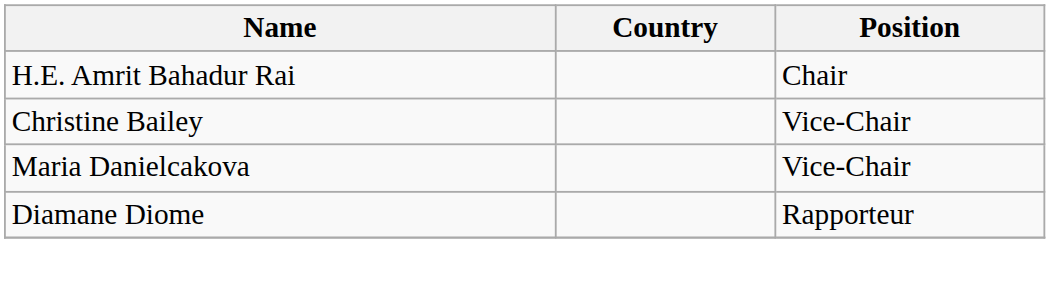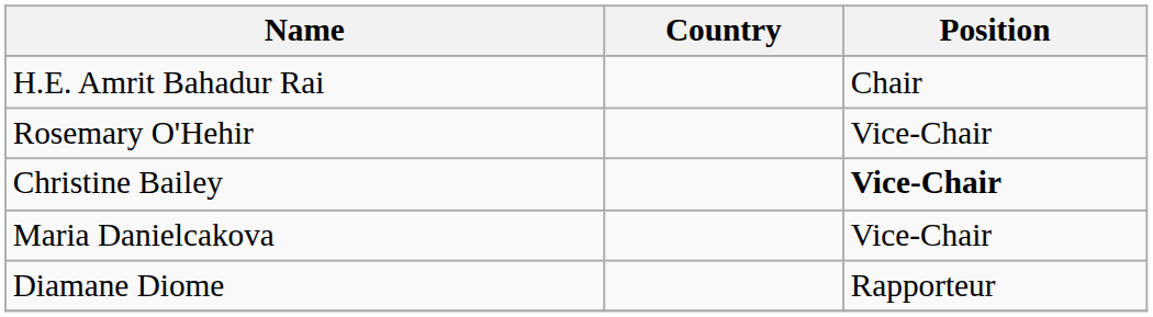 <table class="wikitable" style="display: inline-table; width: 45%">
 <tr>
 <th>Name</th>
 <th>Country</th>
 <th>Position</th>
 </tr>
 <tr>
 <td>H.E. Amrit Bahadur Rai</td>
 <td></td>
 <td>Chair</td>
 </tr>
 <tr>
+<td>Rosemary O'Hehir</td>
+<td></td>
+<td>Vice-Chair</td>
+</tr>
+<tr>
 <td>Christine Bailey</td>
 <td></td>
-<td>Vice-Chair</td>
+<td><strong>Vice-Chair</strong></td>
 </tr>
 <tr>
 <td>Maria Danielcakova</td>
 <td></td>
 <td>Vice-Chair</td>
 </tr>
 <tr>
 <td>Diamane Diome</td>
 <td></td>
 <td>Rapporteur</td>
 </tr>
 <tr>
 </tr>
 </table>
